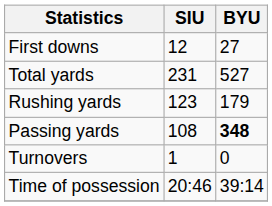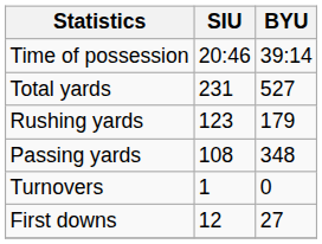 <table class="wikitable" style="float: left;">
 <tr>
 <th>Statistics</th>
 <th>SIU</th>
 <th>BYU</th>
 </tr>
 <tr>
-<td>First downs</td>
-<td>12</td>
-<td>27</td>
+<td>Time of possession</td>
+<td>20:46</td>
+<td>39:14</td>
 </tr>
 <tr>
 <td>Total yards</td>
 <td>231</td>
 <td>527</td>
 </tr>
 <tr>
 <td>Rushing yards</td>
 <td>123</td>
 <td>179</td>
 </tr>
 <tr>
 <td>Passing yards</td>
 <td>108</td>
-<td><strong>348</strong></td>
+<td>348</td>
 </tr>
 <tr>
 <td>Turnovers</td>
 <td>1</td>
 <td>0</td>
 </tr>
 <tr>
-<td>Time of possession</td>
-<td>20:46</td>
-<td>39:14</td>
+<td>First downs</td>
+<td>12</td>
+<td>27</td>
 </tr>
 <tr>
 </tr>
 </table>
